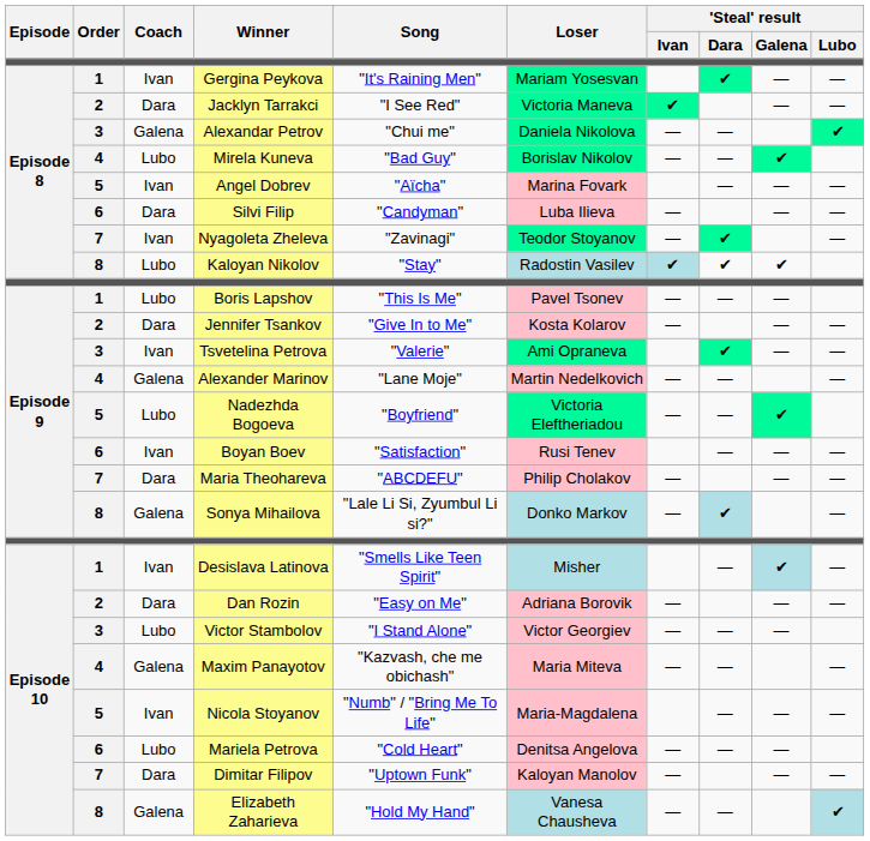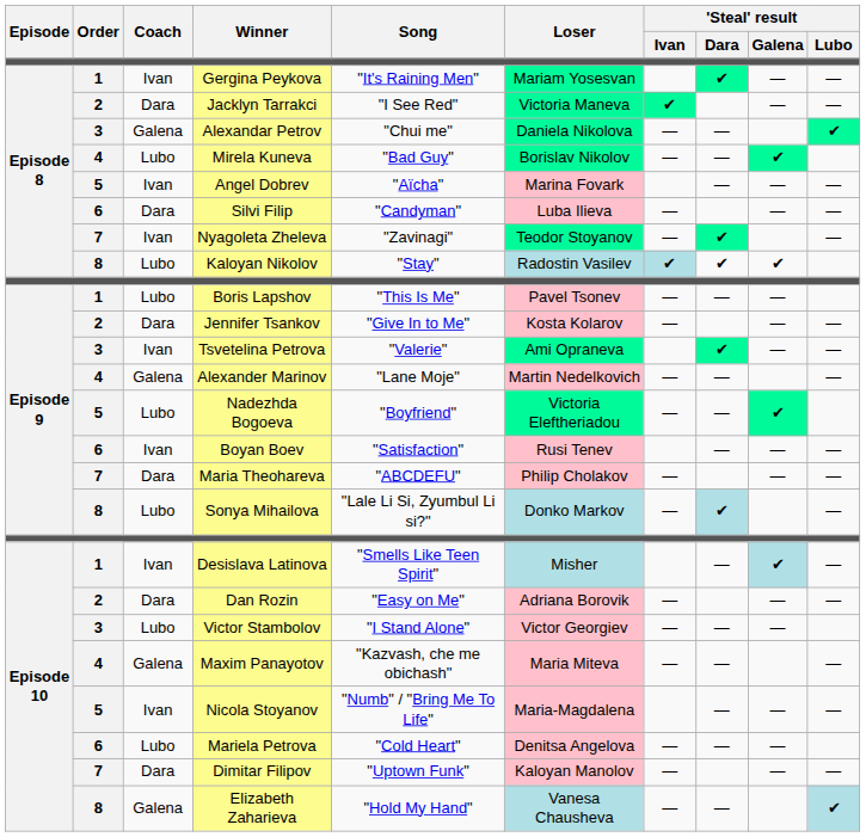 <table class="wikitable" style="text-align:center; line-height:20px; width:100%">
 <tr>
 <th rowspan="2" style="width:06%">Episode</th>
 <th rowspan="2" style="width:03%">Order</th>
 <th rowspan="2" style="width:08%">Coach</th>
 <th rowspan="2" style="width:16%">Winner</th>
 <th rowspan="2" style="width:20%">Song</th>
 <th rowspan="2" style="width:16%">Loser</th>
 <th colspan="4" style="width:24%">'Steal' result</th>
 </tr>
 <tr>
 <th style="width:06%">Ivan</th>
 <th style="width:06%">Dara</th>
 <th style="width:06%">Galena</th>
 <th style="width:06%">Lubo</th>
 </tr>
 <tr>
 <td colspan="10" style="background:#555"></td>
 </tr>
 <tr>
 <th rowspan="8">Episode 8<br></th>
 <th>1</th>
 <td>Ivan</td>
 <td style="background:#fdfc8f">Gergina Peykova</td>
 <td>"<a href='#'>It's Raining Men</a>"</td>
 <td style="background:#00fa9a">Mariam Yosesvan</td>
 <td></td>
 <td style="background:#00fa9a">✔</td>
 <td>—</td>
 <td>—</td>
 </tr>
 <tr>
 <th>2</th>
 <td>Dara</td>
 <td style="background:#fdfc8f">Jacklyn Tarrakci</td>
 <td>"I See Red"</td>
 <td style="background:#00fa9a">Victoria Maneva</td>
 <td style="background:#00fa9a">✔</td>
 <td></td>
 <td>—</td>
 <td>—</td>
 </tr>
 <tr>
 <th>3</th>
 <td>Galena</td>
 <td style="background:#fdfc8f">Alexandar Petrov</td>
 <td>"Chui me"</td>
 <td style="background:#00fa9a">Daniela Nikolova</td>
 <td>—</td>
 <td>—</td>
 <td></td>
 <td style="background:#00fa9a">✔</td>
 </tr>
 <tr>
 <th>4</th>
 <td>Lubo</td>
 <td style="background:#fdfc8f">Mirela Kuneva</td>
 <td>"<a href='#'>Bad Guy</a>"</td>
 <td style="background:#00fa9a">Borislav Nikolov</td>
 <td>—</td>
 <td>—</td>
 <td style="background:#00fa9a">✔</td>
 <td></td>
 </tr>
 <tr>
 <th>5</th>
 <td>Ivan</td>
 <td style="background:#fdfc8f">Angel Dobrev</td>
 <td>"<a href='#'>Aïcha</a>"</td>
 <td style="background: pink">Marina Fovark</td>
 <td></td>
 <td>—</td>
 <td>—</td>
 <td>—</td>
 </tr>
 <tr>
 <th>6</th>
 <td>Dara</td>
 <td style="background:#fdfc8f">Silvi Filip</td>
 <td>"<a href='#'>Candyman</a>"</td>
 <td style="background: pink">Luba Ilieva</td>
 <td>—</td>
 <td></td>
 <td>—</td>
 <td>—</td>
 </tr>
 <tr>
 <th>7</th>
 <td>Ivan</td>
 <td style="background:#fdfc8f">Nyagoleta Zheleva</td>
 <td>"Zavinagi"</td>
 <td style="background:#00fa9a">Teodor Stoyanov</td>
 <td>—</td>
 <td style="background:#00fa9a">✔</td>
 <td></td>
 <td>—</td>
 </tr>
 <tr>
 <th>8</th>
 <td>Lubo</td>
 <td style="background:#fdfc8f">Kaloyan Nikolov</td>
 <td>"<a href='#'>Stay</a>"</td>
 <td style="background:#b0e0e6">Radostin Vasilev</td>
 <td style="background:#b0e0e6">✔</td>
 <td>✔</td>
 <td>✔</td>
 <td></td>
 </tr>
 <tr>
 <th colspan="10" style="background:#555555"></th>
 </tr>
 <tr>
 <th rowspan="8">Episode 9<br></th>
 <th>1</th>
 <td>Lubo</td>
 <td style="background:#fdfc8f">Boris Lapshov</td>
 <td>"<a href='#'>This Is Me</a>"</td>
 <td style="background: pink">Pavel Tsonev</td>
 <td>—</td>
 <td>—</td>
 <td>—</td>
 <td></td>
 </tr>
 <tr>
 <th>2</th>
 <td>Dara</td>
 <td style="background:#fdfc8f">Jennifer Tsankov</td>
 <td>"<a href='#'>Give In to Me</a>"</td>
 <td style="background: pink">Kosta Kolarov</td>
 <td>—</td>
 <td></td>
 <td>—</td>
 <td>—</td>
 </tr>
 <tr>
 <th>3</th>
 <td>Ivan</td>
 <td style="background:#fdfc8f">Tsvetelina Petrova</td>
 <td>"<a href='#'>Valerie</a>"</td>
 <td style="background:#00fa9a">Ami Opraneva</td>
 <td></td>
 <td style="background:#00fa9a">✔</td>
 <td>—</td>
 <td>—</td>
 </tr>
 <tr>
 <th>4</th>
 <td>Galena</td>
 <td style="background:#fdfc8f">Alexander Marinov</td>
 <td>"Lane Moje"</td>
 <td style="background:pink">Martin Nedelkovich</td>
 <td>—</td>
 <td>—</td>
 <td></td>
 <td>—</td>
 </tr>
 <tr>
 <th>5</th>
 <td>Lubo</td>
 <td style="background:#fdfc8f">Nadezhda Bogoeva</td>
 <td>"<a href='#'>Boyfriend</a>"</td>
 <td style="background:#00fa9a">Victoria Eleftheriadou</td>
 <td>—</td>
 <td>—</td>
 <td style="background:#00fa9a">✔</td>
 <td></td>
 </tr>
 <tr>
 <th>6</th>
 <td>Ivan</td>
 <td style="background:#fdfc8f">Boyan Boev</td>
 <td>"<a href='#'>Satisfaction</a>"</td>
 <td style="background: pink">Rusi Tenev</td>
 <td></td>
 <td>—</td>
 <td>—</td>
 <td>—</td>
 </tr>
 <tr>
 <th>7</th>
 <td>Dara</td>
 <td style="background:#fdfc8f">Maria Theohareva</td>
 <td>"<a href='#'>ABCDEFU</a>"</td>
 <td style="background: pink">Philip Cholakov</td>
 <td>—</td>
 <td></td>
 <td>—</td>
 <td>—</td>
 </tr>
 <tr>
 <th>8</th>
-<td>Galena</td>
+<td>Lubo</td>
 <td style="background:#fdfc8f">Sonya Mihailova</td>
 <td>"Lale Li Si, Zyumbul Li si?"</td>
 <td style="background:#b0e0e6">Donko Markov</td>
 <td>—</td>
 <td style="background:#b0e0e6">✔</td>
 <td></td>
 <td>—</td>
 </tr>
 <tr>
 <th colspan="10" style="background:#555555"></th>
 </tr>
 <tr>
 <th rowspan="8">Episode 10<br></th>
 <th>1</th>
 <td>Ivan</td>
 <td style="background:#fdfc8f">Desislava Latinova</td>
 <td>"<a href='#'>Smells Like Teen Spirit</a>"</td>
 <td style="background:#b0e0e6">Misher</td>
 <td></td>
 <td>—</td>
 <td style="background:#b0e0e6">✔</td>
 <td>—</td>
 </tr>
 <tr>
 <th>2</th>
 <td>Dara</td>
 <td style="background:#fdfc8f">Dan Rozin</td>
 <td>"<a href='#'>Easy on Me</a>"</td>
 <td style="background:pink">Adriana Borovik</td>
 <td>—</td>
 <td></td>
 <td>—</td>
 <td>—</td>
 </tr>
 <tr>
 <th>3</th>
 <td>Lubo</td>
 <td style="background:#fdfc8f">Victor Stambolov</td>
 <td>"<a href='#'>I Stand Alone</a>"</td>
 <td style="background:pink">Victor Georgiev</td>
 <td>—</td>
 <td>—</td>
 <td>—</td>
 <td></td>
 </tr>
 <tr>
 <th>4</th>
 <td>Galena</td>
 <td style="background:#fdfc8f">Maxim Panayotov</td>
 <td>"Kazvash, che me obichash"</td>
 <td style="background:pink">Maria Miteva</td>
 <td>—</td>
 <td>—</td>
 <td></td>
 <td>—</td>
 </tr>
 <tr>
 <th>5</th>
 <td>Ivan</td>
 <td style="background:#fdfc8f">Nicola Stoyanov</td>
 <td>"<a href='#'>Numb</a>" / "<a href='#'>Bring Me To Life</a>"</td>
 <td style="background:pink">Maria-Magdalena</td>
 <td></td>
 <td>—</td>
 <td>—</td>
 <td>—</td>
 </tr>
 <tr>
 <th>6</th>
 <td>Lubo</td>
 <td style="background:#fdfc8f">Mariela Petrova</td>
 <td>"<a href='#'>Cold Heart</a>"</td>
 <td style="background:pink">Denitsa Angelova</td>
 <td>—</td>
 <td>—</td>
 <td>—</td>
 <td></td>
 </tr>
 <tr>
 <th>7</th>
 <td>Dara</td>
 <td style="background:#fdfc8f">Dimitar Filipov</td>
 <td>"<a href='#'>Uptown Funk</a>"</td>
 <td style="background:pink">Kaloyan Manolov</td>
 <td>—</td>
 <td></td>
 <td>—</td>
 <td>—</td>
 </tr>
 <tr>
 <th>8</th>
 <td>Galena</td>
 <td style="background:#fdfc8f">Elizabeth Zaharieva</td>
 <td>"<a href='#'>Hold My Hand</a>"</td>
 <td style="background:#b0e0e6">Vanesa Chausheva</td>
 <td>—</td>
 <td>—</td>
 <td></td>
 <td style="background:#b0e0e6">✔</td>
 </tr>
 </table>
